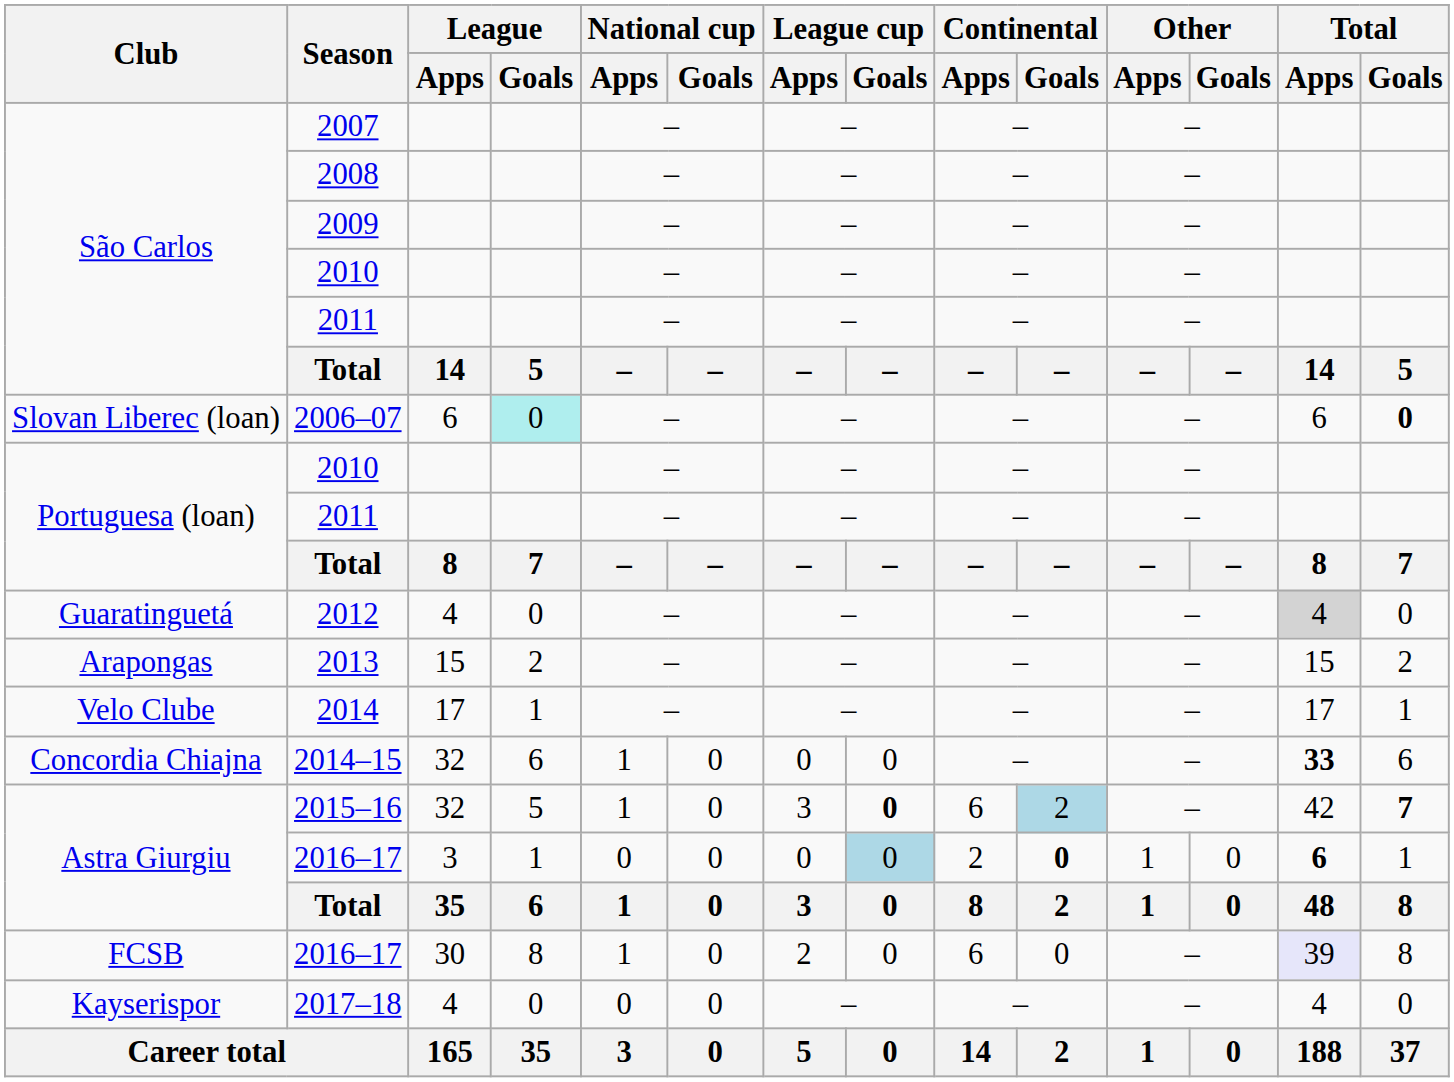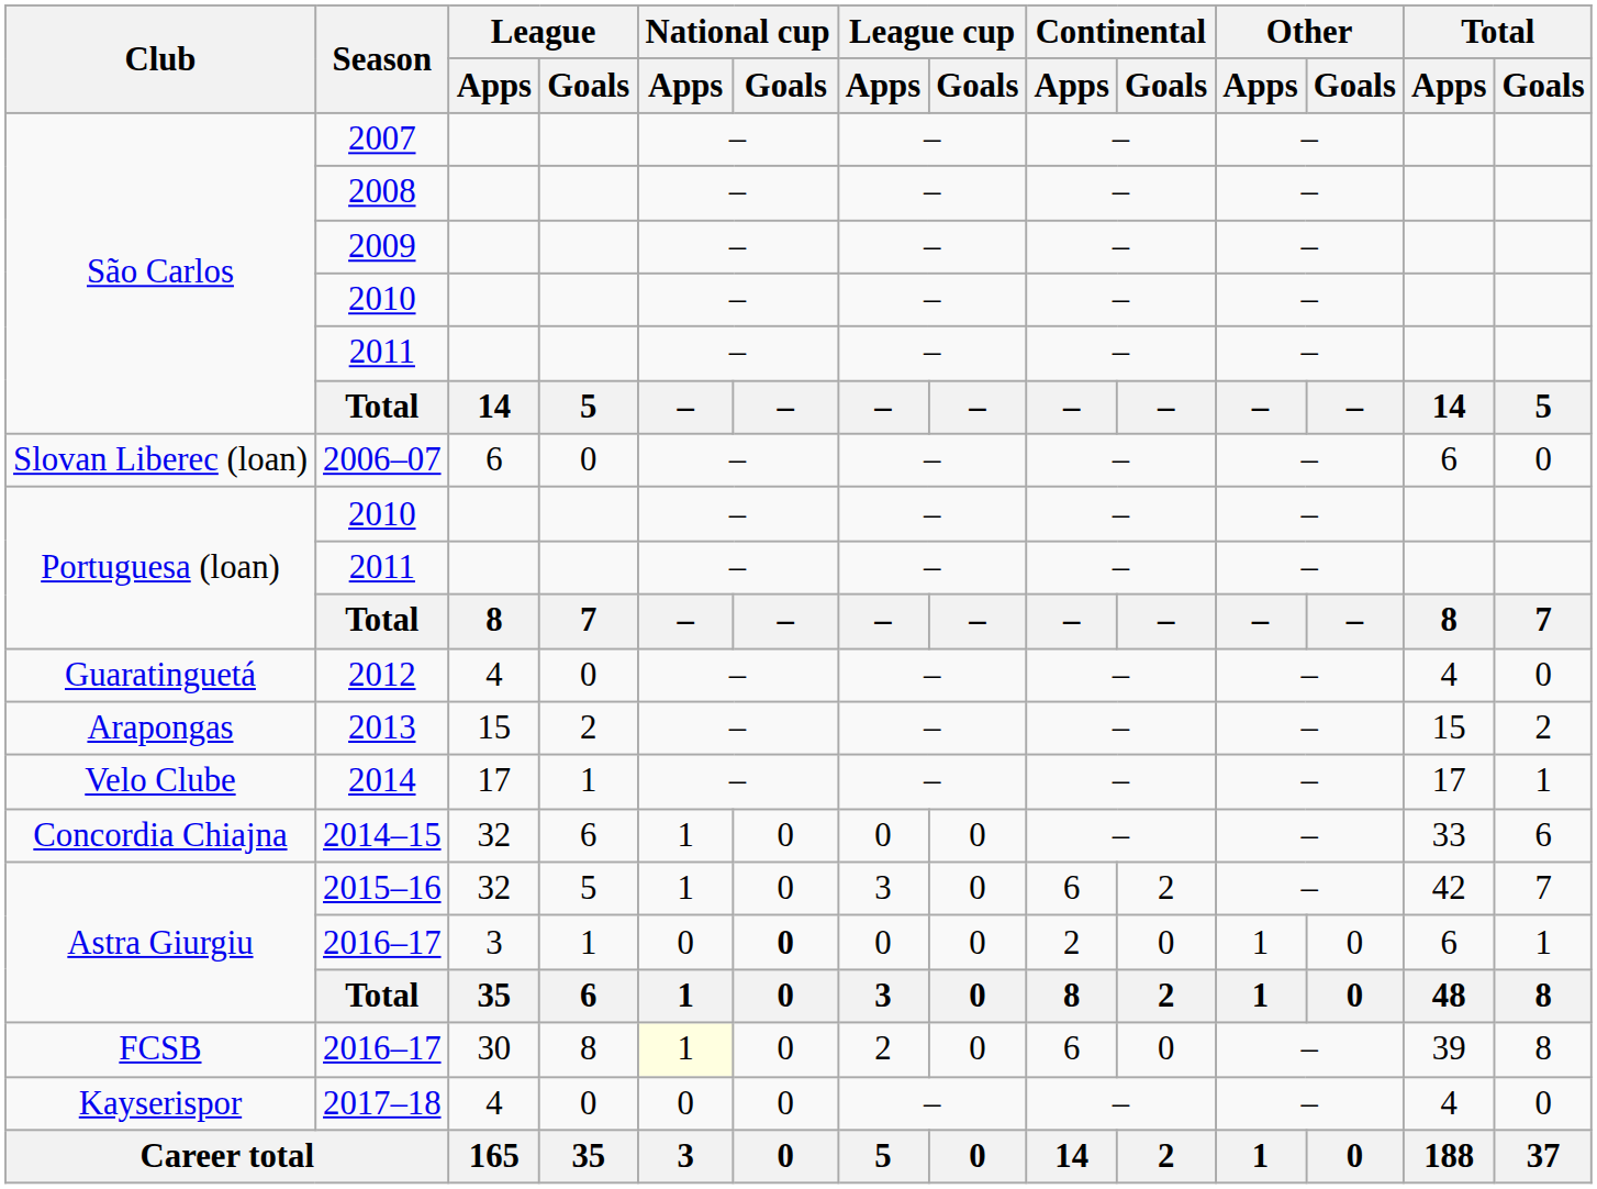 <table class="wikitable" style="text-align:center">
 <tr>
 <th rowspan="2">Club</th>
 <th rowspan="2">Season</th>
 <th colspan="2">League</th>
 <th colspan="2">National cup</th>
 <th colspan="2">League cup</th>
 <th colspan="2">Continental</th>
 <th colspan="2">Other</th>
 <th colspan="2">Total</th>
 </tr>
 <tr>
 <th>Apps</th>
 <th>Goals</th>
 <th>Apps</th>
 <th>Goals</th>
 <th>Apps</th>
 <th>Goals</th>
 <th>Apps</th>
 <th>Goals</th>
 <th>Apps</th>
 <th>Goals</th>
 <th>Apps</th>
 <th>Goals</th>
 </tr>
 <tr>
 <td rowspan="6"><a href='#'>São Carlos</a></td>
 <td><a href='#'>2007</a></td>
 <td></td>
 <td></td>
 <td colspan="2">–</td>
 <td colspan="2">–</td>
 <td colspan="2">–</td>
 <td colspan="2">–</td>
 <td></td>
 <td></td>
 </tr>
 <tr>
 <td><a href='#'>2008</a></td>
 <td></td>
 <td></td>
 <td colspan="2">–</td>
 <td colspan="2">–</td>
 <td colspan="2">–</td>
 <td colspan="2">–</td>
 <td></td>
 <td></td>
 </tr>
 <tr>
 <td><a href='#'>2009</a></td>
 <td></td>
 <td></td>
 <td colspan="2">–</td>
 <td colspan="2">–</td>
 <td colspan="2">–</td>
 <td colspan="2">–</td>
 <td></td>
 <td></td>
 </tr>
 <tr>
 <td><a href='#'>2010</a></td>
 <td></td>
 <td></td>
 <td colspan="2">–</td>
 <td colspan="2">–</td>
 <td colspan="2">–</td>
 <td colspan="2">–</td>
 <td></td>
 <td></td>
 </tr>
 <tr>
 <td><a href='#'>2011</a></td>
 <td></td>
 <td></td>
 <td colspan="2">–</td>
 <td colspan="2">–</td>
 <td colspan="2">–</td>
 <td colspan="2">–</td>
 <td></td>
 <td></td>
 </tr>
 <tr>
 <th colspan="1">Total</th>
 <th>14</th>
 <th>5</th>
 <th>–</th>
 <th>–</th>
 <th>–</th>
 <th>–</th>
 <th>–</th>
 <th>–</th>
 <th>–</th>
 <th>–</th>
 <th>14</th>
 <th>5</th>
 </tr>
 <tr>
 <td><a href='#'>Slovan Liberec</a> (loan)</td>
 <td><a href='#'>2006–07</a></td>
 <td>6</td>
-<td style="background: paleturquoise;">0</td>
+<td>0</td>
 <td colspan="2">–</td>
 <td colspan="2">–</td>
 <td colspan="2">–</td>
 <td colspan="2">–</td>
 <td>6</td>
-<td><strong>0</strong></td>
+<td>0</td>
 </tr>
 <tr>
 <td rowspan="3"><a href='#'>Portuguesa</a> (loan)</td>
 <td><a href='#'>2010</a></td>
 <td></td>
 <td></td>
 <td colspan="2">–</td>
 <td colspan="2">–</td>
 <td colspan="2">–</td>
 <td colspan="2">–</td>
 <td></td>
 <td></td>
 </tr>
 <tr>
 <td><a href='#'>2011</a></td>
 <td></td>
 <td></td>
 <td colspan="2">–</td>
 <td colspan="2">–</td>
 <td colspan="2">–</td>
 <td colspan="2">–</td>
 <td></td>
 <td></td>
 </tr>
 <tr>
 <th colspan="1">Total</th>
 <th>8</th>
 <th>7</th>
 <th>–</th>
 <th>–</th>
 <th>–</th>
 <th>–</th>
 <th>–</th>
 <th>–</th>
 <th>–</th>
 <th>–</th>
 <th>8</th>
 <th>7</th>
 </tr>
 <tr>
 <td><a href='#'>Guaratinguetá</a></td>
 <td><a href='#'>2012</a></td>
 <td>4</td>
 <td>0</td>
 <td colspan="2">–</td>
 <td colspan="2">–</td>
 <td colspan="2">–</td>
 <td colspan="2">–</td>
-<td style="background: lightgrey;">4</td>
+<td>4</td>
 <td>0</td>
 </tr>
 <tr>
 <td><a href='#'>Arapongas</a></td>
 <td><a href='#'>2013</a></td>
 <td>15</td>
 <td>2</td>
 <td colspan="2">–</td>
 <td colspan="2">–</td>
 <td colspan="2">–</td>
 <td colspan="2">–</td>
 <td>15</td>
 <td>2</td>
 </tr>
 <tr>
 <td><a href='#'>Velo Clube</a></td>
 <td><a href='#'>2014</a></td>
 <td>17</td>
 <td>1</td>
 <td colspan="2">–</td>
 <td colspan="2">–</td>
 <td colspan="2">–</td>
 <td colspan="2">–</td>
 <td>17</td>
 <td>1</td>
 </tr>
 <tr>
 <td><a href='#'>Concordia Chiajna</a></td>
 <td><a href='#'>2014–15</a></td>
 <td>32</td>
 <td>6</td>
 <td>1</td>
 <td>0</td>
 <td>0</td>
 <td>0</td>
 <td colspan="2">–</td>
 <td colspan="2">–</td>
-<td><strong>33</strong></td>
+<td>33</td>
 <td>6</td>
 </tr>
 <tr>
 <td rowspan="3"><a href='#'>Astra Giurgiu</a></td>
 <td><a href='#'>2015–16</a></td>
 <td>32</td>
 <td>5</td>
 <td>1</td>
 <td>0</td>
 <td>3</td>
-<td><strong>0</strong></td>
+<td>0</td>
 <td>6</td>
-<td style="background: lightblue;">2</td>
+<td>2</td>
 <td colspan="2">–</td>
 <td>42</td>
-<td><strong>7</strong></td>
+<td>7</td>
 </tr>
 <tr>
 <td><a href='#'>2016–17</a></td>
 <td>3</td>
 <td>1</td>
 <td>0</td>
+<td><strong>0</strong></td>
 <td>0</td>
 <td>0</td>
-<td style="background: lightblue;">0</td>
 <td>2</td>
-<td><strong>0</strong></td>
+<td>0</td>
 <td>1</td>
 <td>0</td>
-<td><strong>6</strong></td>
+<td>6</td>
 <td>1</td>
 </tr>
 <tr>
 <th colspan="1">Total</th>
 <th>35</th>
 <th>6</th>
 <th>1</th>
 <th>0</th>
 <th>3</th>
 <th>0</th>
 <th>8</th>
 <th>2</th>
 <th>1</th>
 <th>0</th>
 <th>48</th>
 <th>8</th>
 </tr>
 <tr>
 <td><a href='#'>FCSB</a></td>
 <td><a href='#'>2016–17</a></td>
 <td>30</td>
 <td>8</td>
-<td>1</td>
+<td style="background: lightyellow;">1</td>
 <td>0</td>
 <td>2</td>
 <td>0</td>
 <td>6</td>
 <td>0</td>
 <td colspan="2">–</td>
-<td style="background: lavender;">39</td>
+<td>39</td>
 <td>8</td>
 </tr>
 <tr>
 <td><a href='#'>Kayserispor</a></td>
 <td><a href='#'>2017–18</a></td>
 <td>4</td>
 <td>0</td>
 <td>0</td>
 <td>0</td>
 <td colspan="2">–</td>
 <td colspan="2">–</td>
 <td colspan="2">–</td>
 <td>4</td>
 <td>0</td>
 </tr>
 <tr>
 <th colspan="2">Career total</th>
 <th>165</th>
 <th>35</th>
 <th>3</th>
 <th>0</th>
 <th>5</th>
 <th>0</th>
 <th>14</th>
 <th>2</th>
 <th>1</th>
 <th>0</th>
 <th>188</th>
 <th>37</th>
 </tr>
 </table>
